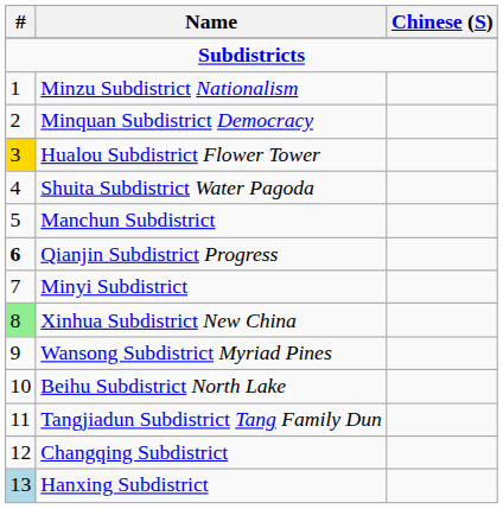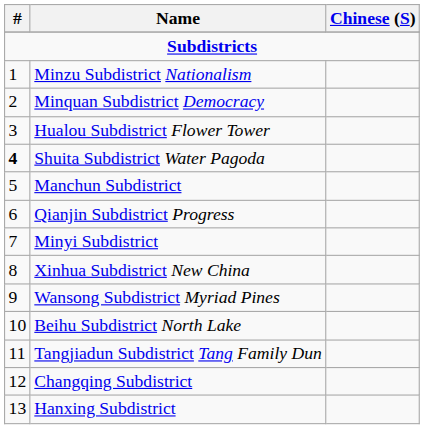 <table class="wikitable sortable">
 <tr>
 <th>#</th>
 <th>Name</th>
 <th><a href='#'>Chinese</a> (<a href='#'>S</a>)</th>
 </tr>
 <tr>
 </tr>
 <tr>
 <td style="text-align:center;" colspan="7"><strong><a href='#'>Subdistricts</a></strong></td>
 </tr>
 <tr>
 <td>1</td>
 <td><a href='#'>Minzu Subdistrict</a> <em><a href='#'>Nationalism</a></em></td>
 <td></td>
 </tr>
 <tr>
 <td>2</td>
 <td><a href='#'>Minquan Subdistrict</a> <em><a href='#'>Democracy</a></em></td>
 <td></td>
 </tr>
 <tr>
-<td style="background: gold;">3</td>
+<td>3</td>
 <td><a href='#'>Hualou Subdistrict</a> <em>Flower Tower</em></td>
 <td></td>
 </tr>
 <tr>
-<td>4</td>
+<td><strong>4</strong></td>
 <td><a href='#'>Shuita Subdistrict</a>  <em>Water Pagoda</em></td>
 <td></td>
 </tr>
 <tr>
 <td>5</td>
 <td><a href='#'>Manchun Subdistrict</a></td>
 <td></td>
 </tr>
 <tr>
-<td><strong>6</strong></td>
+<td>6</td>
 <td><a href='#'>Qianjin Subdistrict</a> <em>Progress</em></td>
 <td></td>
 </tr>
 <tr>
 <td>7</td>
 <td><a href='#'>Minyi Subdistrict</a></td>
 <td></td>
 </tr>
 <tr>
-<td style="background: lightgreen;">8</td>
+<td>8</td>
 <td><a href='#'>Xinhua Subdistrict</a> <em>New China</em></td>
 <td></td>
 </tr>
 <tr>
 <td>9</td>
 <td><a href='#'>Wansong Subdistrict</a> <em>Myriad Pines</em></td>
 <td></td>
 </tr>
 <tr>
 <td>10</td>
 <td><a href='#'>Beihu Subdistrict</a> <em>North Lake</em></td>
 <td></td>
 </tr>
 <tr>
 <td>11</td>
 <td><a href='#'>Tangjiadun Subdistrict</a> <em><a href='#'>Tang</a> Family Dun</em></td>
 <td></td>
 </tr>
 <tr>
 <td>12</td>
 <td><a href='#'>Changqing Subdistrict</a></td>
 <td></td>
 </tr>
 <tr>
-<td style="background: lightblue;">13</td>
+<td>13</td>
 <td><a href='#'>Hanxing Subdistrict</a></td>
 <td></td>
 </tr>
 </table>
